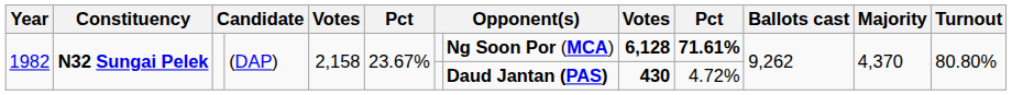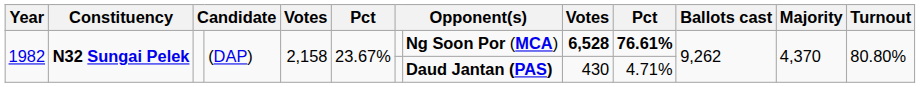 <table class="wikitable" style="margin:0.5em ; font-size:95%">
 <tr>
 <th>Year</th>
 <th>Constituency</th>
 <th colspan=2>Candidate</th>
 <th>Votes</th>
 <th>Pct</th>
 <th colspan=2>Opponent(s)</th>
 <th>Votes</th>
 <th>Pct</th>
 <th>Ballots cast</th>
 <th>Majority</th>
 <th>Turnout</th>
 </tr>
 <tr>
 <td rowspan=2><a href='#'>1982</a></td>
 <td rowspan=2><strong>N32 <a href='#'>Sungai Pelek</a></strong></td>
 <td rowspan=2 ></td>
 <td rowspan=2> (<a href='#'>DAP</a>)</td>
 <td rowspan=2 align="right">2,158</td>
 <td rowspan=2>23.67%</td>
 <td></td>
 <td><strong>Ng Soon Por</strong> (<a href='#'><strong>MCA</strong></a>)</td>
-<td align="right"><strong>6,128</strong></td>
-<td><strong>71.61%</strong></td>
+<td align="right"><strong>6,528</strong></td>
+<td><strong>76.61%</strong></td>
 <td rowspan=2>9,262</td>
 <td rowspan=2>4,370</td>
 <td rowspan=2>80.80%</td>
 </tr>
 <tr>
 <td></td>
 <td><strong>Daud Jantan (<a href='#'>PAS</a>)</strong></td>
-<td align="right"><strong>430</strong></td>
-<td align=right>4.72%</td>
+<td align="right">430</td>
+<td align=right>4.71%</td>
 </tr>
 </table>
